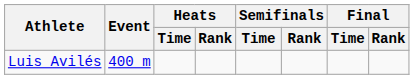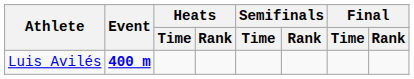 <table class="wikitable">
 <tr>
 <th rowspan="2">Athlete</th>
 <th rowspan="2">Event</th>
 <th colspan="2">Heats</th>
 <th colspan="2">Semifinals</th>
 <th colspan="2">Final</th>
 </tr>
 <tr>
 <th>Time</th>
 <th>Rank</th>
 <th>Time</th>
 <th>Rank</th>
 <th>Time</th>
 <th>Rank</th>
 </tr>
 <tr>
 <td><a href='#'>Luis Avilés</a></td>
-<td><a href='#'>400 m</a></td>
+<td><strong><a href='#'>400 m</a></strong></td>
 <td></td>
 <td></td>
 <td></td>
 <td></td>
 <td></td>
 <td></td>
 </tr>
 </table>
